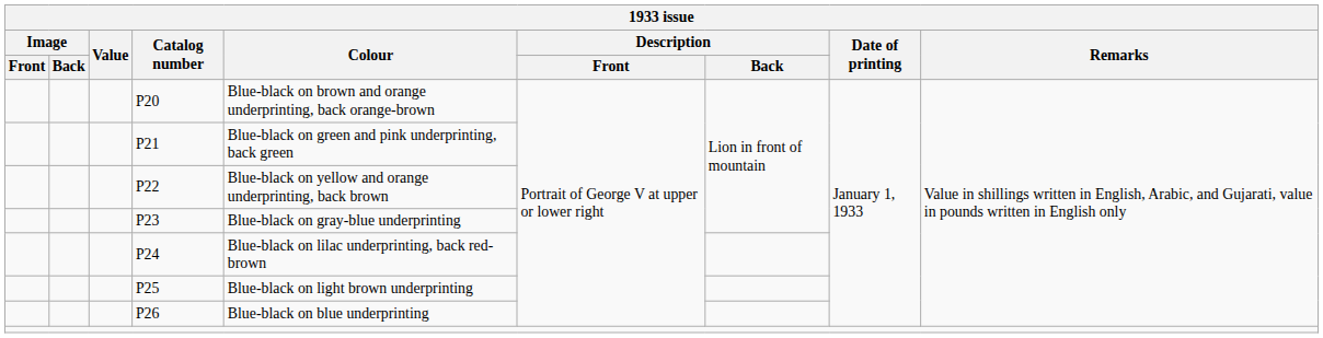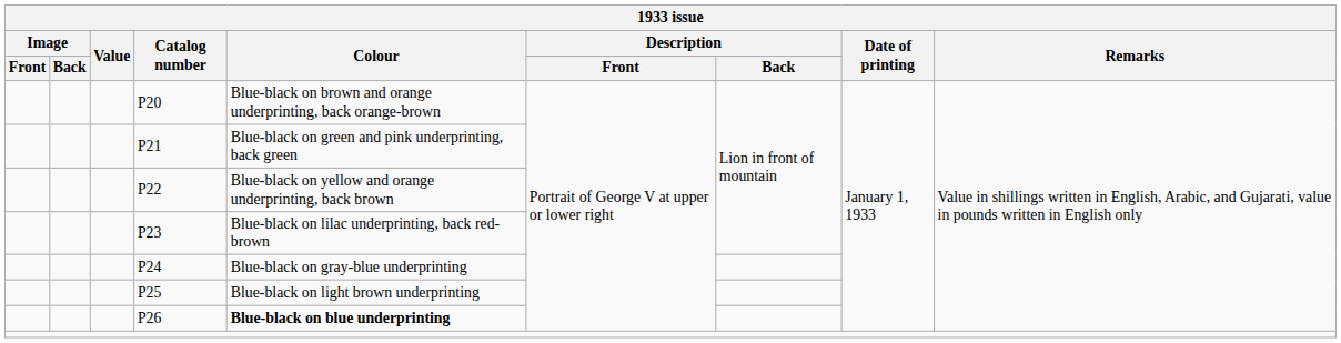 <table class="wikitable" style="font-size: 90%">
 <tr>
 <th colspan="9">1933 issue</th>
 </tr>
 <tr>
 <th colspan="2">Image</th>
 <th rowspan="2">Value</th>
 <th rowspan="2">Catalog number</th>
 <th rowspan="2">Colour</th>
 <th colspan="2">Description</th>
 <th rowspan="2">Date of printing</th>
 <th rowspan="2">Remarks</th>
 </tr>
 <tr>
 <th>Front</th>
 <th>Back</th>
 <th>Front</th>
 <th>Back</th>
 </tr>
 <tr>
 <td align="center"></td>
 <td align="center"></td>
 <td></td>
 <td>P20</td>
 <td>Blue-black on brown and orange underprinting, back orange-brown</td>
 <td rowspan="7">Portrait of George V at upper or lower right</td>
 <td rowspan="4">Lion in front of mountain</td>
 <td rowspan="7">January 1, 1933</td>
 <td rowspan="7">Value in shillings written in English, Arabic, and Gujarati, value in pounds written in English only</td>
 </tr>
 <tr>
 <td align="center"></td>
 <td align="center"></td>
 <td></td>
 <td>P21</td>
 <td>Blue-black on green and pink underprinting, back green</td>
 </tr>
 <tr>
 <td align="center"></td>
 <td align="center"></td>
 <td><br></td>
 <td>P22</td>
 <td>Blue-black on yellow and orange underprinting, back brown</td>
 </tr>
 <tr>
 <td align="center"></td>
 <td align="center"></td>
 <td><br></td>
 <td>P23</td>
-<td>Blue-black on gray-blue underprinting</td>
+<td>Blue-black on lilac underprinting, back red-brown</td>
 </tr>
 <tr>
 <td align="center"></td>
 <td align="center"></td>
 <td><br></td>
 <td>P24</td>
-<td>Blue-black on lilac underprinting, back red-brown</td>
+<td>Blue-black on gray-blue underprinting</td>
 <td></td>
 </tr>
 <tr>
 <td align="center"></td>
 <td align="center"></td>
 <td><br></td>
 <td>P25</td>
 <td>Blue-black on light brown underprinting</td>
 <td></td>
 </tr>
 <tr>
 <td align="center"></td>
 <td align="center"></td>
 <td><br></td>
 <td>P26</td>
-<td>Blue-black on blue underprinting</td>
+<td><strong>Blue-black on blue underprinting</strong></td>
 <td></td>
 </tr>
 <tr>
 <td colspan="9"></td>
 </tr>
 </table>
